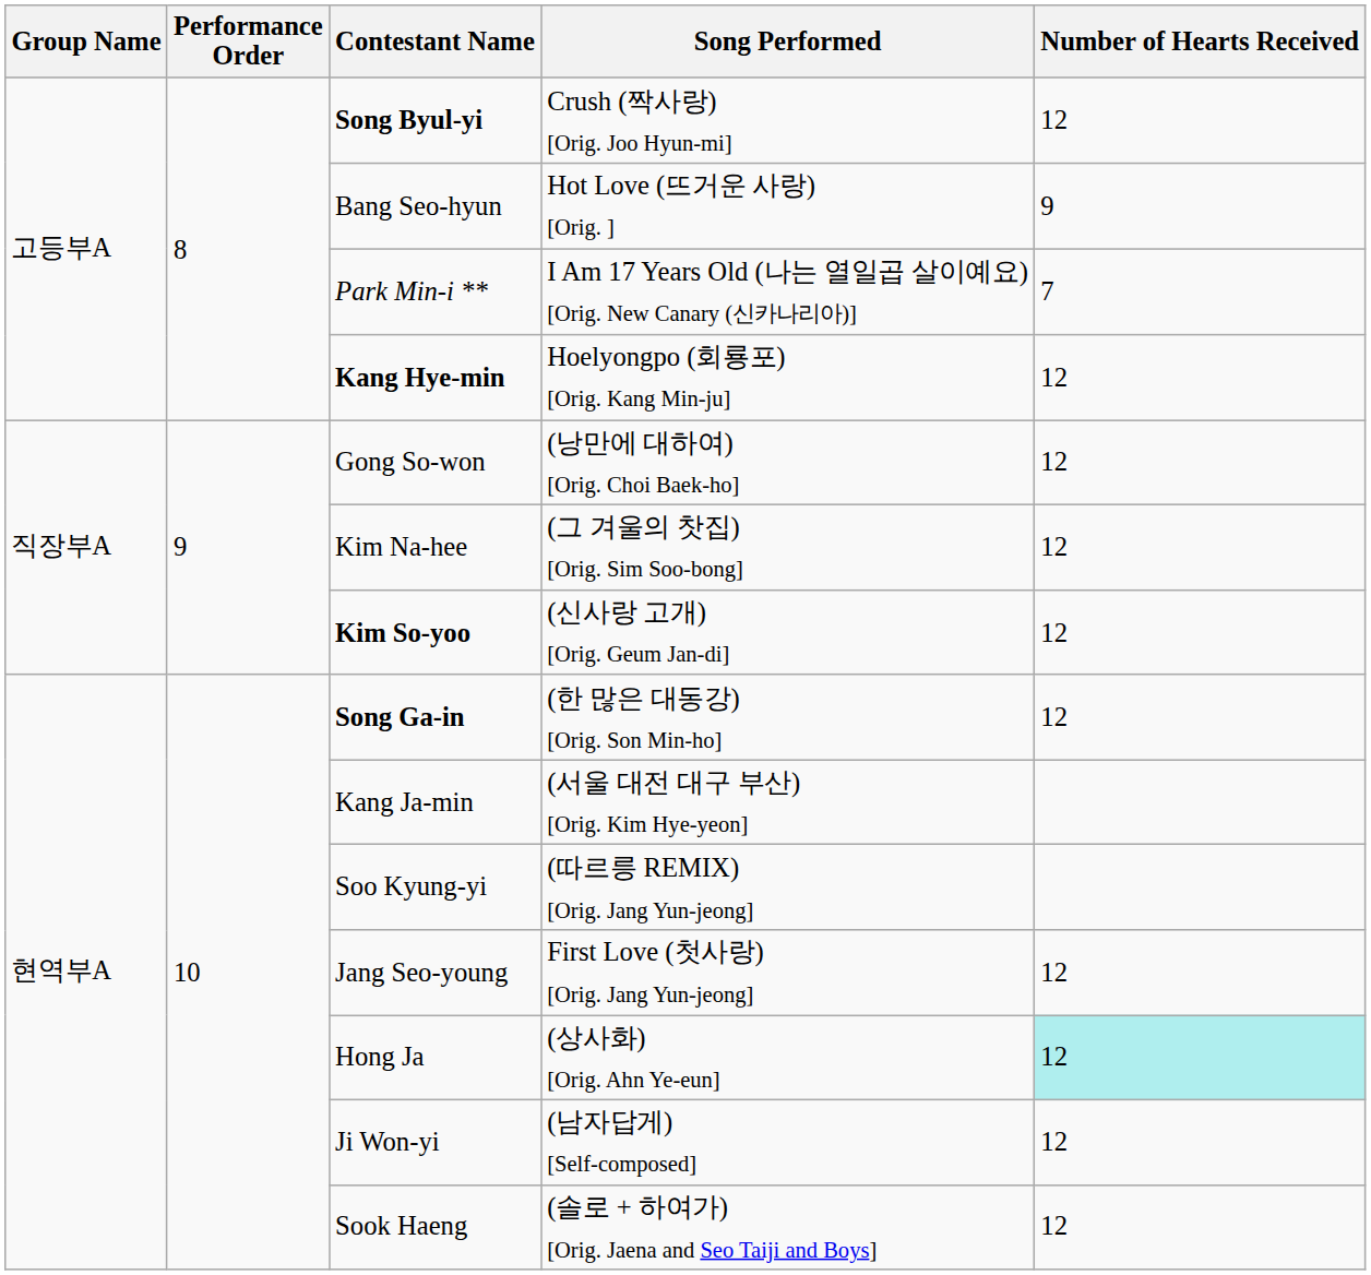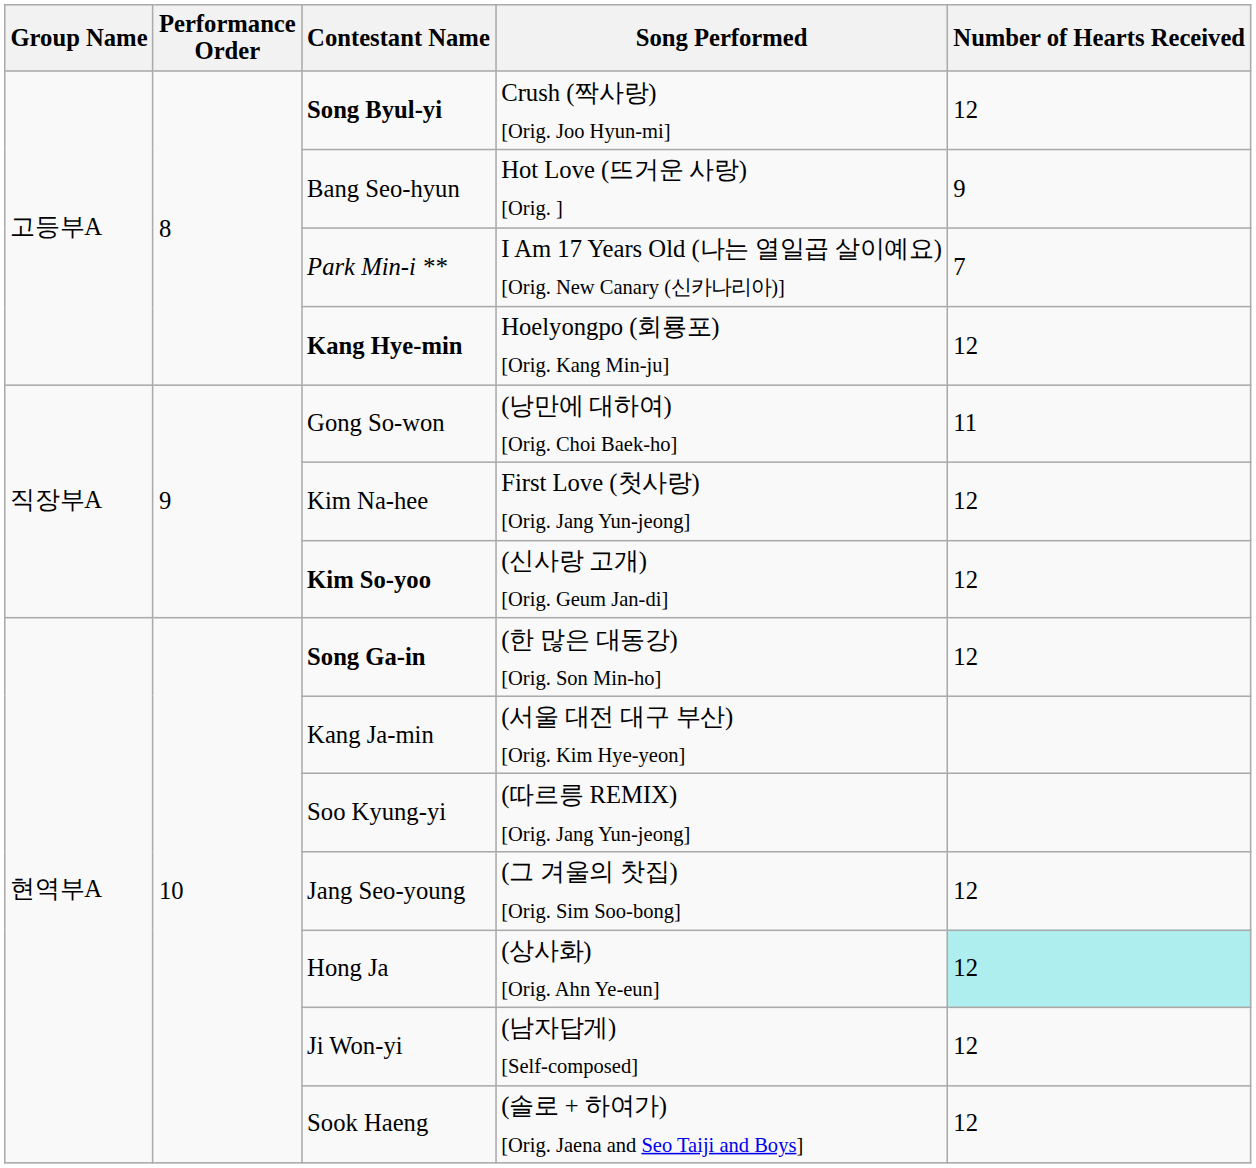 <table class="wikitable">
 <tr>
 <th>Group Name</th>
 <th>Performance<br>Order</th>
 <th>Contestant Name</th>
 <th>Song Performed</th>
 <th>Number of Hearts Received</th>
 </tr>
 <tr>
 <td rowspan=4>고등부A</td>
 <td rowspan=4>8</td>
 <td><strong>Song Byul-yi</strong></td>
 <td>Crush (짝사랑)<br><sub>[Orig. Joo Hyun-mi]</sub></td>
 <td>12</td>
 </tr>
 <tr>
 <td>Bang Seo-hyun</td>
 <td>Hot Love (뜨거운 사랑)<br><sub>[Orig. ]</sub></td>
 <td>9</td>
 </tr>
 <tr>
 <td><em>Park Min-i **</em></td>
 <td>I Am 17 Years Old (나는 열일곱 살이예요)<br><sub>[Orig. New Canary (신카나리아)]</sub></td>
 <td>7</td>
 </tr>
 <tr>
 <td><strong>Kang Hye-min</strong></td>
 <td>Hoelyongpo (회룡포)<br><sub>[Orig. Kang Min-ju]</sub></td>
 <td>12</td>
 </tr>
 <tr>
 <td rowspan=3>직장부A</td>
 <td rowspan=3>9</td>
 <td>Gong So-won</td>
 <td>(낭만에 대하여)<br><sub>[Orig. Choi Baek-ho]</sub></td>
-<td>12</td>
+<td>11</td>
 </tr>
 <tr>
 <td>Kim Na-hee</td>
-<td>(그 겨울의 찻집)<br><sub>[Orig. Sim Soo-bong]</sub></td>
+<td>First Love (첫사랑)<br><sub>[Orig. Jang Yun-jeong]</sub></td>
 <td>12</td>
 </tr>
 <tr>
 <td><strong>Kim So-yoo</strong></td>
 <td>(신사랑 고개)<br><sub>[Orig. Geum Jan-di]</sub></td>
 <td>12</td>
 </tr>
 <tr>
 <td rowspan="7">현역부A</td>
 <td rowspan="7">10</td>
 <td><strong>Song Ga-in</strong></td>
 <td>(한 많은 대동강)<br><sub>[Orig. Son Min-ho]</sub></td>
 <td>12</td>
 </tr>
 <tr>
 <td>Kang Ja-min</td>
 <td>(서울 대전 대구 부산)<br><sub>[Orig. Kim Hye-yeon]</sub></td>
 <td></td>
 </tr>
 <tr>
 <td>Soo Kyung-yi</td>
 <td>(따르릉 REMIX)<br><sub>[Orig. Jang Yun-jeong]</sub></td>
 <td></td>
 </tr>
 <tr>
 <td>Jang Seo-young</td>
-<td>First Love (첫사랑)<br><sub>[Orig. Jang Yun-jeong]</sub></td>
+<td>(그 겨울의 찻집)<br><sub>[Orig. Sim Soo-bong]</sub></td>
 <td>12</td>
 </tr>
 <tr>
 <td>Hong Ja</td>
 <td>(상사화)<br><sub>[Orig. Ahn Ye-eun]</sub></td>
 <td style="background: paleturquoise;">12</td>
 </tr>
 <tr>
 <td>Ji Won-yi</td>
 <td>(남자답게)<br><sub>[Self-composed]</sub></td>
 <td>12</td>
 </tr>
 <tr>
 <td>Sook Haeng</td>
 <td>(솔로 + 하여가)<br><sub>[Orig. Jaena and <a href='#'>Seo Taiji and Boys</a>]</sub></td>
 <td>12</td>
 </tr>
 </table>
